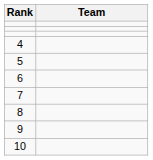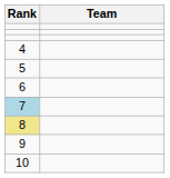 <table class="wikitable">
 <tr>
 <th>Rank</th>
 <th style="width:10em">Team</th>
 </tr>
 <tr>
 <td align=center></td>
 <td></td>
 </tr>
 <tr>
 <td align=center></td>
 <td></td>
 </tr>
 <tr>
 <td align=center></td>
 <td></td>
 </tr>
 <tr>
 <td align=center>4</td>
 <td></td>
 </tr>
 <tr>
 <td align=center>5</td>
 <td></td>
 </tr>
 <tr>
 <td align=center>6</td>
 <td></td>
 </tr>
 <tr>
-<td align=center>7</td>
+<td align=center style="background: lightblue;">7</td>
 <td></td>
 </tr>
 <tr>
-<td align=center>8</td>
+<td align=center style="background: khaki;">8</td>
 <td></td>
 </tr>
 <tr>
 <td align=center>9</td>
 <td></td>
 </tr>
 <tr>
 <td align=center>10</td>
 <td></td>
 </tr>
 </table>
